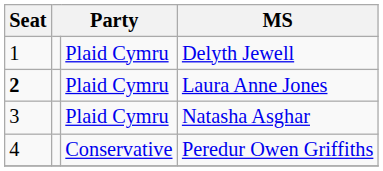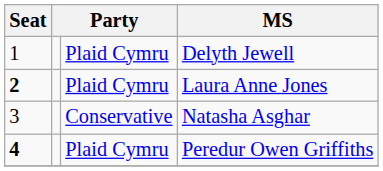 <table class="wikitable">
 <tr>
 <th>Seat</th>
 <th colspan=2>Party</th>
 <th>MS</th>
 </tr>
 <tr>
 <td>1</td>
 <td style="color:inherit;background:"></td>
 <td><a href='#'>Plaid Cymru</a></td>
 <td><a href='#'>Delyth Jewell</a></td>
 </tr>
 <tr>
 <td><strong>2</strong></td>
 <td style="color:inherit;background:"></td>
 <td><a href='#'>Plaid Cymru</a></td>
 <td><a href='#'>Laura Anne Jones</a></td>
 </tr>
 <tr>
 <td>3</td>
 <td style="color:inherit;background:"></td>
-<td><a href='#'>Plaid Cymru</a></td>
+<td><a href='#'>Conservative</a></td>
 <td><a href='#'>Natasha Asghar</a></td>
 </tr>
 <tr>
-<td>4</td>
+<td><strong>4</strong></td>
 <td style="color:inherit;background:"></td>
-<td><a href='#'>Conservative</a></td>
+<td><a href='#'>Plaid Cymru</a></td>
 <td><a href='#'>Peredur Owen Griffiths</a></td>
 </tr>
 <tr>
 </tr>
 </table>
